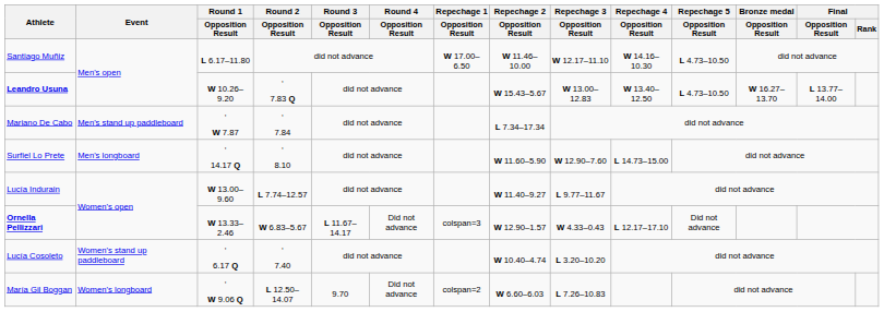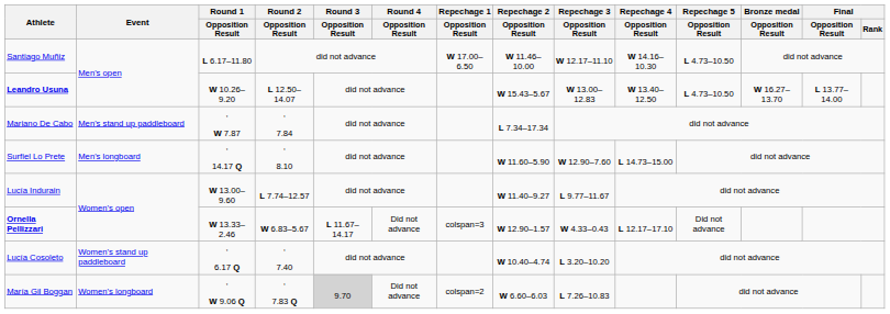 <table class="wikitable" style="font-size:75%;text-align:center">
 <tr>
 <th rowspan=2>Athlete</th>
 <th rowspan=2>Event</th>
 <th>Round 1</th>
 <th>Round 2</th>
 <th>Round 3</th>
 <th>Round 4</th>
 <th>Repechage 1</th>
 <th>Repechage 2</th>
 <th>Repechage 3</th>
 <th>Repechage 4</th>
 <th>Repechage 5</th>
 <th>Bronze medal</th>
 <th colspan=2>Final</th>
 </tr>
 <tr style=font-size:95%>
 <th>Opposition<br>Result</th>
 <th>Opposition<br>Result</th>
 <th>Opposition<br>Result</th>
 <th>Opposition<br>Result</th>
 <th>Opposition<br>Result</th>
 <th>Opposition<br>Result</th>
 <th>Opposition<br>Result</th>
 <th>Opposition<br>Result</th>
 <th>Opposition<br>Result</th>
 <th>Opposition<br>Result</th>
 <th>Opposition<br>Result</th>
 <th>Rank</th>
 </tr>
 <tr>
 <td style="text-align:left"><a href='#'>Santiago Muñiz</a></td>
 <td style="text-align:left" rowspan=2><a href='#'>Men's open</a></td>
 <td><br><strong>L</strong> 6.17–11.80</td>
 <td colspan=3>did not advance</td>
 <td><br><strong>W</strong> 17.00–6.50</td>
 <td><br><strong>W</strong> 11.46–10.00</td>
 <td><br><strong>W</strong> 12.17–11.10</td>
 <td><br><strong>W</strong> 14.16–10.30</td>
 <td><br><strong>L</strong> 4.73–10.50</td>
 <td colspan=3>did not advance</td>
 </tr>
 <tr>
 <td style="text-align:left"><strong><a href='#'>Leandro Usuna</a></strong></td>
 <td><br><strong>W</strong> 10.26–9.20</td>
-<td>,<br><br>7.83 <strong>Q</strong></td>
+<td><br><strong>L</strong> 12.50–14.07</td>
 <td colspan=2>did not advance</td>
 <td></td>
 <td><br><strong>W</strong> 15.43–5.67</td>
 <td><br><strong>W</strong> 13.00–12.83</td>
 <td><br><strong>W</strong> 13.40–12.50</td>
 <td><br><strong>L</strong> 4.73–10.50</td>
 <td><br><strong>W</strong> 16.27–13.70</td>
 <td><br><strong>L</strong> 13.77–14.00</td>
 <td></td>
 </tr>
 <tr>
 <td style="text-align:left"><a href='#'>Mariano De Cabo</a></td>
 <td style="text-align:left"><a href='#'>Men's stand up paddleboard</a></td>
 <td>,<br><br><strong>W</strong> 7.87</td>
 <td>,<br><br>7.84</td>
 <td colspan=2>did not advance</td>
 <td></td>
 <td><br><strong>L</strong> 7.34–17.34</td>
 <td colspan=6>did not advance</td>
 </tr>
 <tr>
 <td style="text-align:left"><a href='#'>Surfiel Lo Prete</a></td>
 <td style="text-align:left"><a href='#'>Men's longboard</a></td>
 <td>,<br><br>14.17 <strong>Q</strong></td>
 <td>,<br><br>8.10</td>
 <td colspan=2>did not advance</td>
 <td></td>
 <td><br><strong>W</strong> 11.60–5.90</td>
 <td><br><strong>W</strong> 12.90–7.60</td>
 <td><br><strong>L</strong> 14.73–15.00</td>
 <td colspan=4>did not advance</td>
 </tr>
 <tr>
 <td style="text-align:left"><a href='#'>Lucía Indurain</a></td>
 <td style="text-align:left" rowspan=2><a href='#'>Women's open</a></td>
 <td><br><strong>W</strong> 13.00–9.60</td>
 <td><br><strong>L</strong> 7.74–12.57</td>
 <td colspan=2>did not advance</td>
 <td></td>
 <td><br><strong>W</strong> 11.40–9.27</td>
 <td><br><strong>L</strong> 9.77–11.67</td>
 <td colspan=5>did not advance</td>
 </tr>
 <tr>
 <td style="text-align:left"><strong><a href='#'>Ornella Pellizzari</a></strong></td>
 <td><br><strong>W</strong> 13.33–2.46</td>
 <td><br><strong>W</strong> 6.83–5.67</td>
 <td><br><strong>L</strong> 11.67–14.17</td>
 <td>Did not advance</td>
 <td>colspan=3 </td>
 <td><br><strong>W</strong> 12.90–1.57</td>
 <td><br><strong>W</strong> 4.33–0.43</td>
 <td><br><strong>L</strong> 12.17–17.10</td>
 <td>Did not advance</td>
 <td></td>
 </tr>
 <tr>
 <td style="text-align:left"><a href='#'>Lucía Cosoleto</a></td>
 <td style="text-align:left"><a href='#'>Women's stand up paddleboard</a></td>
 <td>,<br><br>6.17 <strong>Q</strong></td>
 <td>,<br><br>7.40</td>
 <td colspan=2>did not advance</td>
 <td></td>
 <td><br><strong>W</strong> 10.40–4.74</td>
 <td><br><strong>L</strong> 3.20–10.20</td>
 <td colspan=5>did not advance</td>
 </tr>
 <tr>
 <td style="text-align:left"><a href='#'>María Gil Boggan</a></td>
 <td style="text-align:left"><a href='#'>Women's longboard</a></td>
 <td>,<br><br><strong>W</strong> 9.06 <strong>Q</strong></td>
-<td><br><strong>L</strong> 12.50–14.07</td>
-<td><br>9.70</td>
+<td>,<br><br>7.83 <strong>Q</strong></td>
+<td style="background: lightgrey;"><br>9.70</td>
 <td>Did not advance</td>
 <td>colspan=2 </td>
 <td><br><strong>W</strong> 6.60–6.03</td>
 <td><br><strong>L</strong> 7.26–10.83</td>
 <td></td>
 <td colspan=3>did not advance</td>
 </tr>
 </table>
